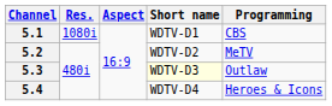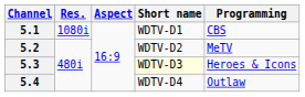 <table class="wikitable">
 <tr>
 <th><a href='#'>Channel</a></th>
 <th><a href='#'>Res.</a></th>
 <th><a href='#'>Aspect</a></th>
 <th>Short name</th>
 <th>Programming</th>
 </tr>
 <tr>
 <th scope = "row">5.1</th>
 <td><a href='#'>1080i</a></td>
 <td rowspan=4><a href='#'>16:9</a></td>
 <td>WDTV-D1</td>
 <td><a href='#'>CBS</a></td>
 </tr>
 <tr>
 <th scope = "row">5.2</th>
 <td rowspan=3><a href='#'>480i</a></td>
 <td>WDTV-D2</td>
 <td><a href='#'>MeTV</a></td>
 </tr>
 <tr>
 <th scope = "row">5.3</th>
 <td style="background: lightyellow;">WDTV-D3</td>
-<td><a href='#'>Outlaw</a></td>
+<td><a href='#'>Heroes & Icons</a></td>
 </tr>
 <tr>
 <th scope = "row">5.4</th>
 <td>WDTV-D4</td>
-<td><a href='#'>Heroes & Icons</a></td>
+<td><a href='#'>Outlaw</a></td>
 </tr>
 </table>
